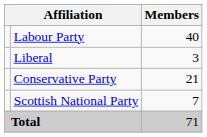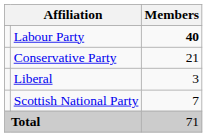 <table class="wikitable">
 <tr>
 <th colspan="2">Affiliation</th>
 <th>Members</th>
 </tr>
 <tr>
 <td style="color:inherit;background:"></td>
 <td><a href='#'>Labour Party</a></td>
-<td align="right">40</td>
+<td align="right"><strong>40</strong></td>
+</tr>
+<tr>
+<td style="color:inherit;background:"></td>
+<td><a href='#'>Conservative Party</a></td>
+<td align="right">21</td>
 </tr>
 <tr>
 <td style="color:inherit;background:"></td>
 <td><a href='#'>Liberal</a></td>
 <td align="right">3</td>
-</tr>
-<tr>
-<td style="color:inherit;background:"></td>
-<td><a href='#'>Conservative Party</a></td>
-<td align="right">21</td>
 </tr>
 <tr>
 <td style="color:inherit;background:"></td>
 <td><a href='#'>Scottish National Party</a></td>
 <td align="right">7</td>
 </tr>
 <tr bgcolor="CCCCCC">
 <td colspan="2" rowspan="1"> <strong>Total</strong></td>
 <td align="right">71</td>
 </tr>
 </table>
